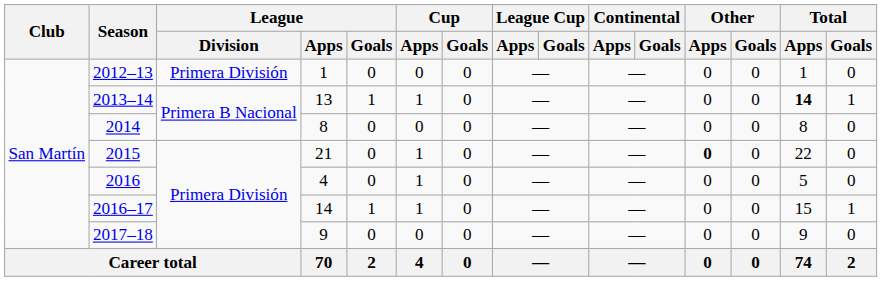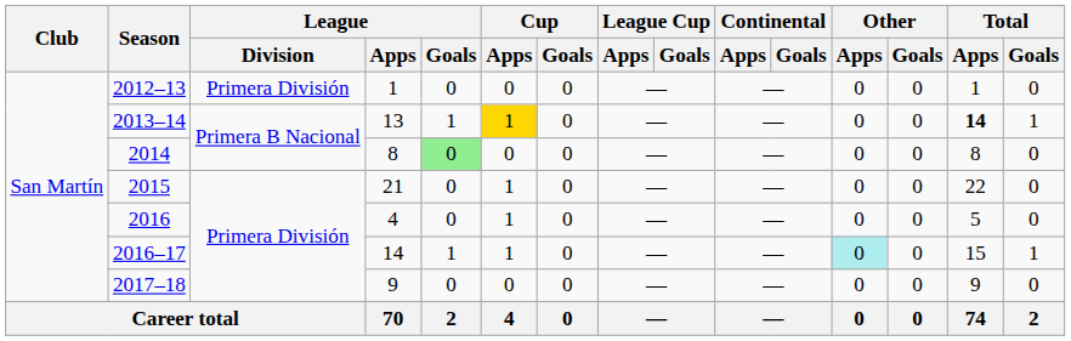 <table class="wikitable" style="text-align:center">
 <tr>
 <th rowspan="2">Club</th>
 <th rowspan="2">Season</th>
 <th colspan="3">League</th>
 <th colspan="2">Cup</th>
 <th colspan="2">League Cup</th>
 <th colspan="2">Continental</th>
 <th colspan="2">Other</th>
 <th colspan="2">Total</th>
 </tr>
 <tr>
 <th>Division</th>
 <th>Apps</th>
 <th>Goals</th>
 <th>Apps</th>
 <th>Goals</th>
 <th>Apps</th>
 <th>Goals</th>
 <th>Apps</th>
 <th>Goals</th>
 <th>Apps</th>
 <th>Goals</th>
 <th>Apps</th>
 <th>Goals</th>
 </tr>
 <tr>
 <td rowspan="7"><a href='#'>San Martín</a></td>
 <td><a href='#'>2012–13</a></td>
 <td rowspan="1"><a href='#'>Primera División</a></td>
 <td>1</td>
 <td>0</td>
 <td>0</td>
 <td>0</td>
 <td colspan="2">—</td>
 <td colspan="2">—</td>
 <td>0</td>
 <td>0</td>
 <td>1</td>
 <td>0</td>
 </tr>
 <tr>
 <td><a href='#'>2013–14</a></td>
 <td rowspan="2"><a href='#'>Primera B Nacional</a></td>
 <td>13</td>
 <td>1</td>
-<td>1</td>
+<td style="background: gold;">1</td>
 <td>0</td>
 <td colspan="2">—</td>
 <td colspan="2">—</td>
 <td>0</td>
 <td>0</td>
 <td><strong>14</strong></td>
 <td>1</td>
 </tr>
 <tr>
 <td><a href='#'>2014</a></td>
 <td>8</td>
-<td>0</td>
+<td style="background: lightgreen;">0</td>
 <td>0</td>
 <td>0</td>
 <td colspan="2">—</td>
 <td colspan="2">—</td>
 <td>0</td>
 <td>0</td>
 <td>8</td>
 <td>0</td>
 </tr>
 <tr>
 <td><a href='#'>2015</a></td>
 <td rowspan="4"><a href='#'>Primera División</a></td>
 <td>21</td>
 <td>0</td>
 <td>1</td>
 <td>0</td>
 <td colspan="2">—</td>
 <td colspan="2">—</td>
-<td><strong>0</strong></td>
+<td>0</td>
 <td>0</td>
 <td>22</td>
 <td>0</td>
 </tr>
 <tr>
 <td><a href='#'>2016</a></td>
 <td>4</td>
 <td>0</td>
 <td>1</td>
 <td>0</td>
 <td colspan="2">—</td>
 <td colspan="2">—</td>
 <td>0</td>
 <td>0</td>
 <td>5</td>
 <td>0</td>
 </tr>
 <tr>
 <td><a href='#'>2016–17</a></td>
 <td>14</td>
 <td>1</td>
 <td>1</td>
 <td>0</td>
 <td colspan="2">—</td>
 <td colspan="2">—</td>
-<td>0</td>
+<td style="background: paleturquoise;">0</td>
 <td>0</td>
 <td>15</td>
 <td>1</td>
 </tr>
 <tr>
 <td><a href='#'>2017–18</a></td>
 <td>9</td>
 <td>0</td>
 <td>0</td>
 <td>0</td>
 <td colspan="2">—</td>
 <td colspan="2">—</td>
 <td>0</td>
 <td>0</td>
 <td>9</td>
 <td>0</td>
 </tr>
 <tr>
 <th colspan="3">Career total</th>
 <th>70</th>
 <th>2</th>
 <th>4</th>
 <th>0</th>
 <th colspan="2">—</th>
 <th colspan="2">—</th>
 <th>0</th>
 <th>0</th>
 <th>74</th>
 <th>2</th>
 </tr>
 </table>
